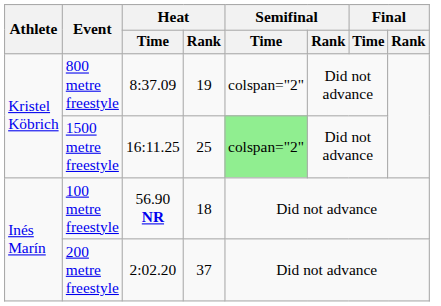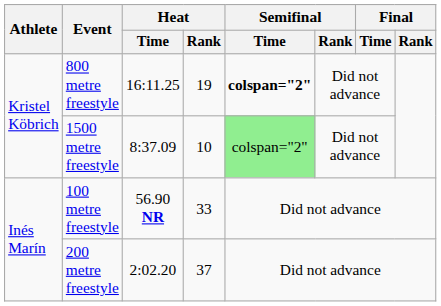 <table class="wikitable" style="text-align:center; font-size:90%; width:50%;">
 <tr>
 <th rowspan="2">Athlete</th>
 <th rowspan="2">Event</th>
 <th colspan="2">Heat</th>
 <th colspan="2">Semifinal</th>
 <th colspan="2">Final</th>
 </tr>
 <tr style="font-size:95%">
 <th>Time</th>
 <th>Rank</th>
 <th>Time</th>
 <th>Rank</th>
 <th>Time</th>
 <th>Rank</th>
 </tr>
 <tr>
 <td align=left rowspan=2><a href='#'>Kristel Köbrich</a></td>
 <td align=left><a href='#'>800 metre freestyle</a></td>
-<td>8:37.09</td>
+<td>16:11.25</td>
 <td>19</td>
-<td>colspan="2" </td>
+<td><strong>colspan="2" </strong></td>
 <td colspan="2">Did not advance</td>
 </tr>
 <tr>
 <td align=left><a href='#'>1500 metre freestyle</a></td>
-<td>16:11.25</td>
-<td>25</td>
+<td>8:37.09</td>
+<td>10</td>
 <td style="background: lightgreen;">colspan="2" </td>
 <td colspan="2">Did not advance</td>
 </tr>
 <tr>
 <td align=left rowspan=2><a href='#'>Inés Marín</a></td>
 <td align=left><a href='#'>100 metre freestyle</a></td>
 <td>56.90 <strong><a href='#'>NR</a></strong></td>
-<td>18</td>
+<td>33</td>
 <td colspan=4>Did not advance</td>
 </tr>
 <tr>
 <td align=left><a href='#'>200 metre freestyle</a></td>
 <td>2:02.20</td>
 <td>37</td>
 <td colspan=4>Did not advance</td>
 </tr>
 </table>
